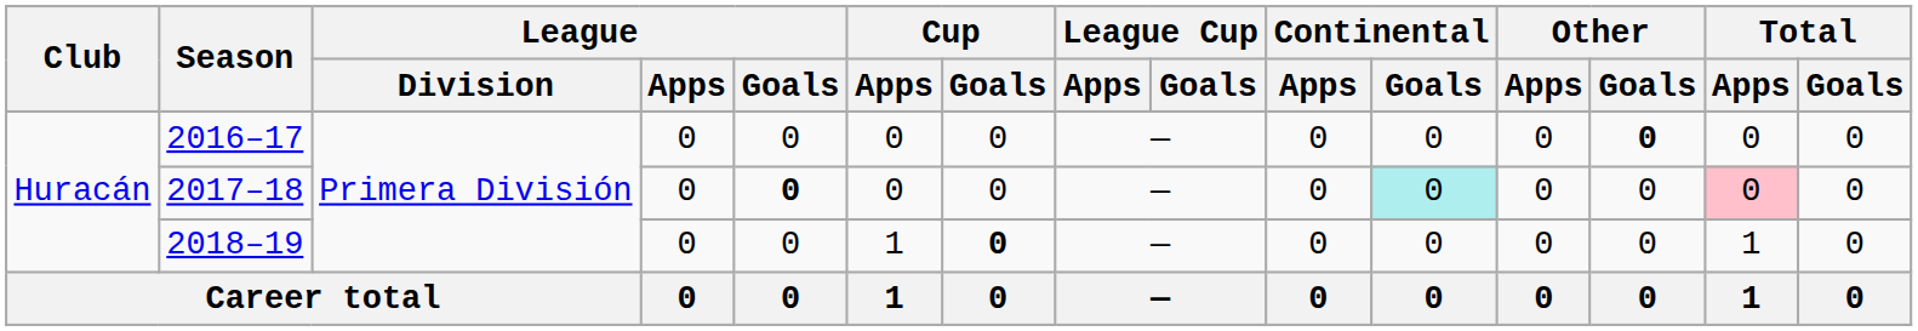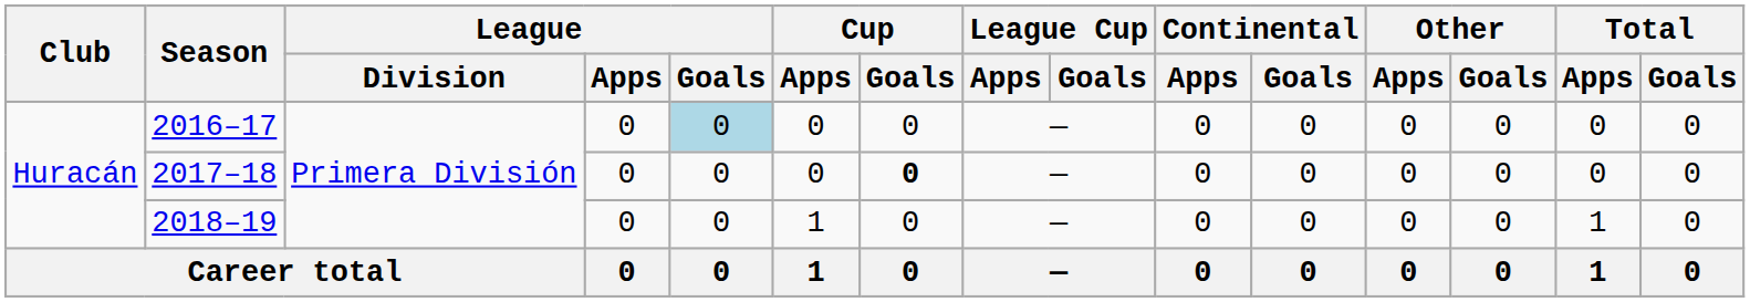 <table class="wikitable" style="text-align:center">
 <tr>
 <th rowspan="2">Club</th>
 <th rowspan="2">Season</th>
 <th colspan="3">League</th>
 <th colspan="2">Cup</th>
 <th colspan="2">League Cup</th>
 <th colspan="2">Continental</th>
 <th colspan="2">Other</th>
 <th colspan="2">Total</th>
 </tr>
 <tr>
 <th>Division</th>
 <th>Apps</th>
 <th>Goals</th>
 <th>Apps</th>
 <th>Goals</th>
 <th>Apps</th>
 <th>Goals</th>
 <th>Apps</th>
 <th>Goals</th>
 <th>Apps</th>
 <th>Goals</th>
 <th>Apps</th>
 <th>Goals</th>
 </tr>
 <tr>
 <td rowspan="3"><a href='#'>Huracán</a></td>
 <td><a href='#'>2016–17</a></td>
 <td rowspan="3"><a href='#'>Primera División</a></td>
 <td>0</td>
-<td>0</td>
+<td style="background: lightblue;">0</td>
 <td>0</td>
 <td>0</td>
 <td colspan="2">—</td>
 <td>0</td>
 <td>0</td>
 <td>0</td>
-<td><strong>0</strong></td>
+<td>0</td>
 <td>0</td>
 <td>0</td>
 </tr>
 <tr>
 <td><a href='#'>2017–18</a></td>
 <td>0</td>
-<td><strong>0</strong></td>
 <td>0</td>
 <td>0</td>
+<td><strong>0</strong></td>
 <td colspan="2">—</td>
 <td>0</td>
-<td style="background: paleturquoise;">0</td>
 <td>0</td>
 <td>0</td>
-<td style="background: pink;">0</td>
+<td>0</td>
+<td>0</td>
 <td>0</td>
 </tr>
 <tr>
 <td><a href='#'>2018–19</a></td>
 <td>0</td>
 <td>0</td>
 <td>1</td>
-<td><strong>0</strong></td>
+<td>0</td>
 <td colspan="2">—</td>
 <td>0</td>
 <td>0</td>
 <td>0</td>
 <td>0</td>
 <td>1</td>
 <td>0</td>
 </tr>
 <tr>
 <th colspan="3">Career total</th>
 <th>0</th>
 <th>0</th>
 <th>1</th>
 <th>0</th>
 <th colspan="2">—</th>
 <th>0</th>
 <th>0</th>
 <th>0</th>
 <th>0</th>
 <th>1</th>
 <th>0</th>
 </tr>
 </table>
